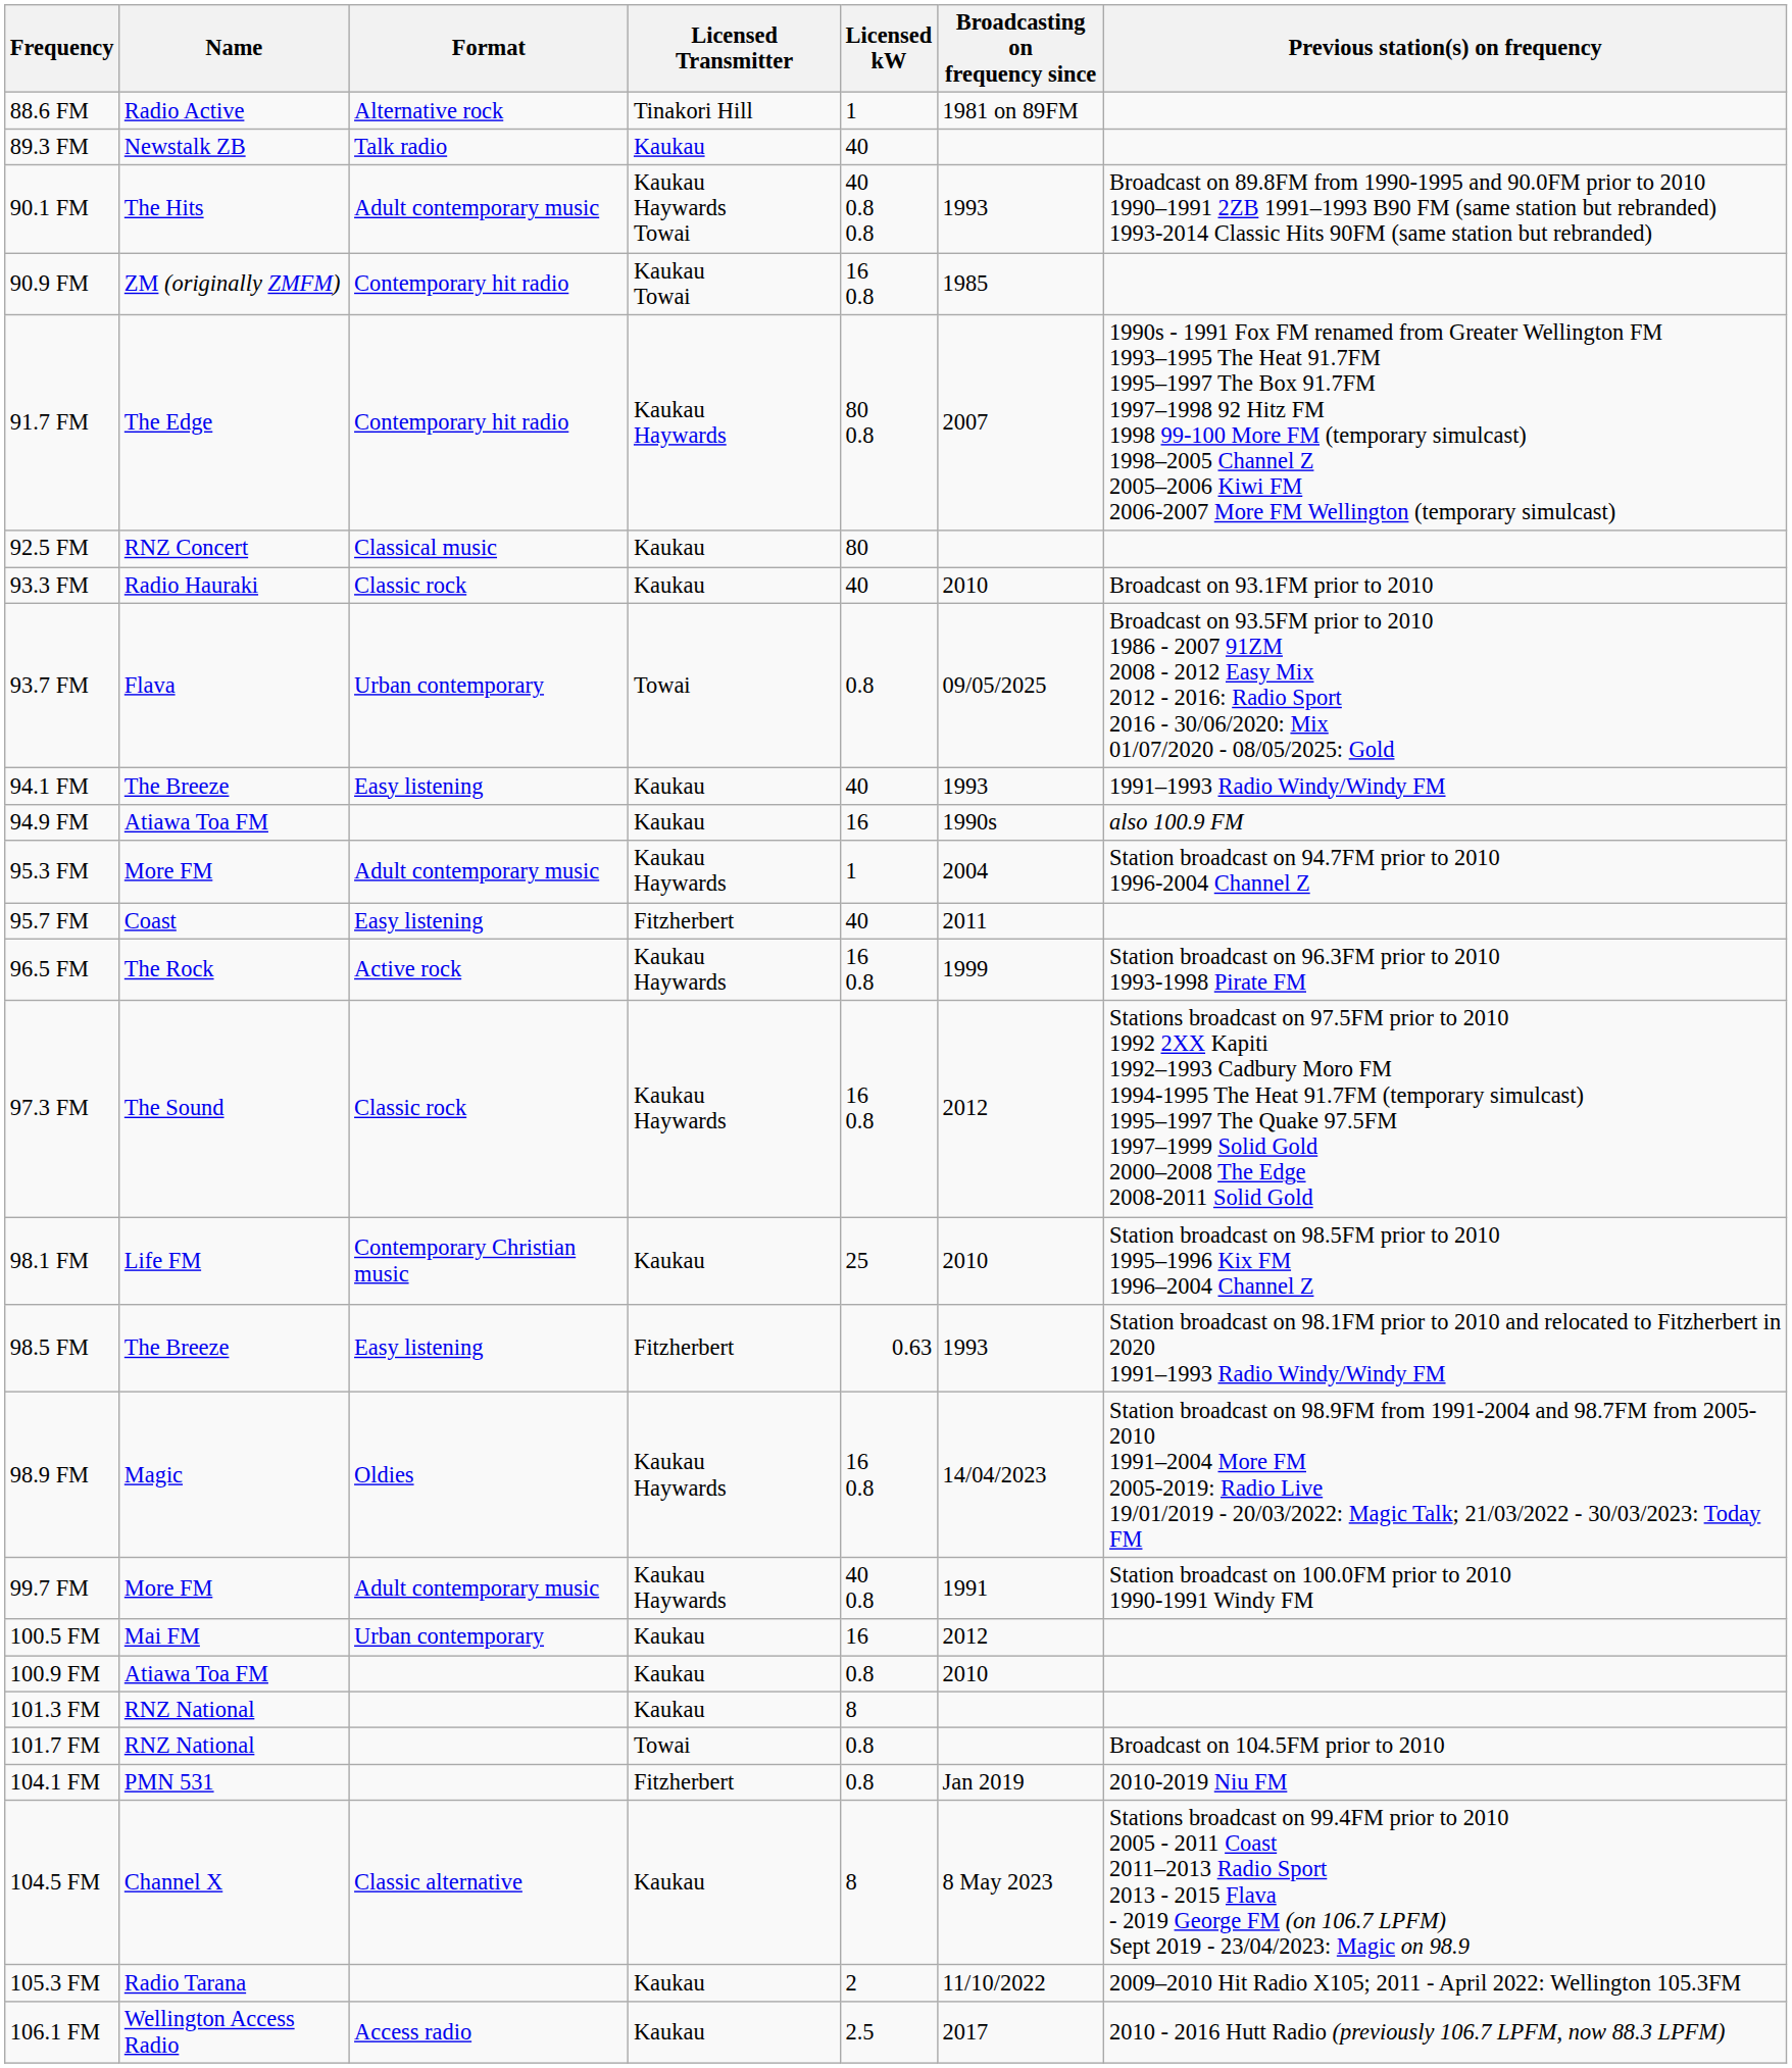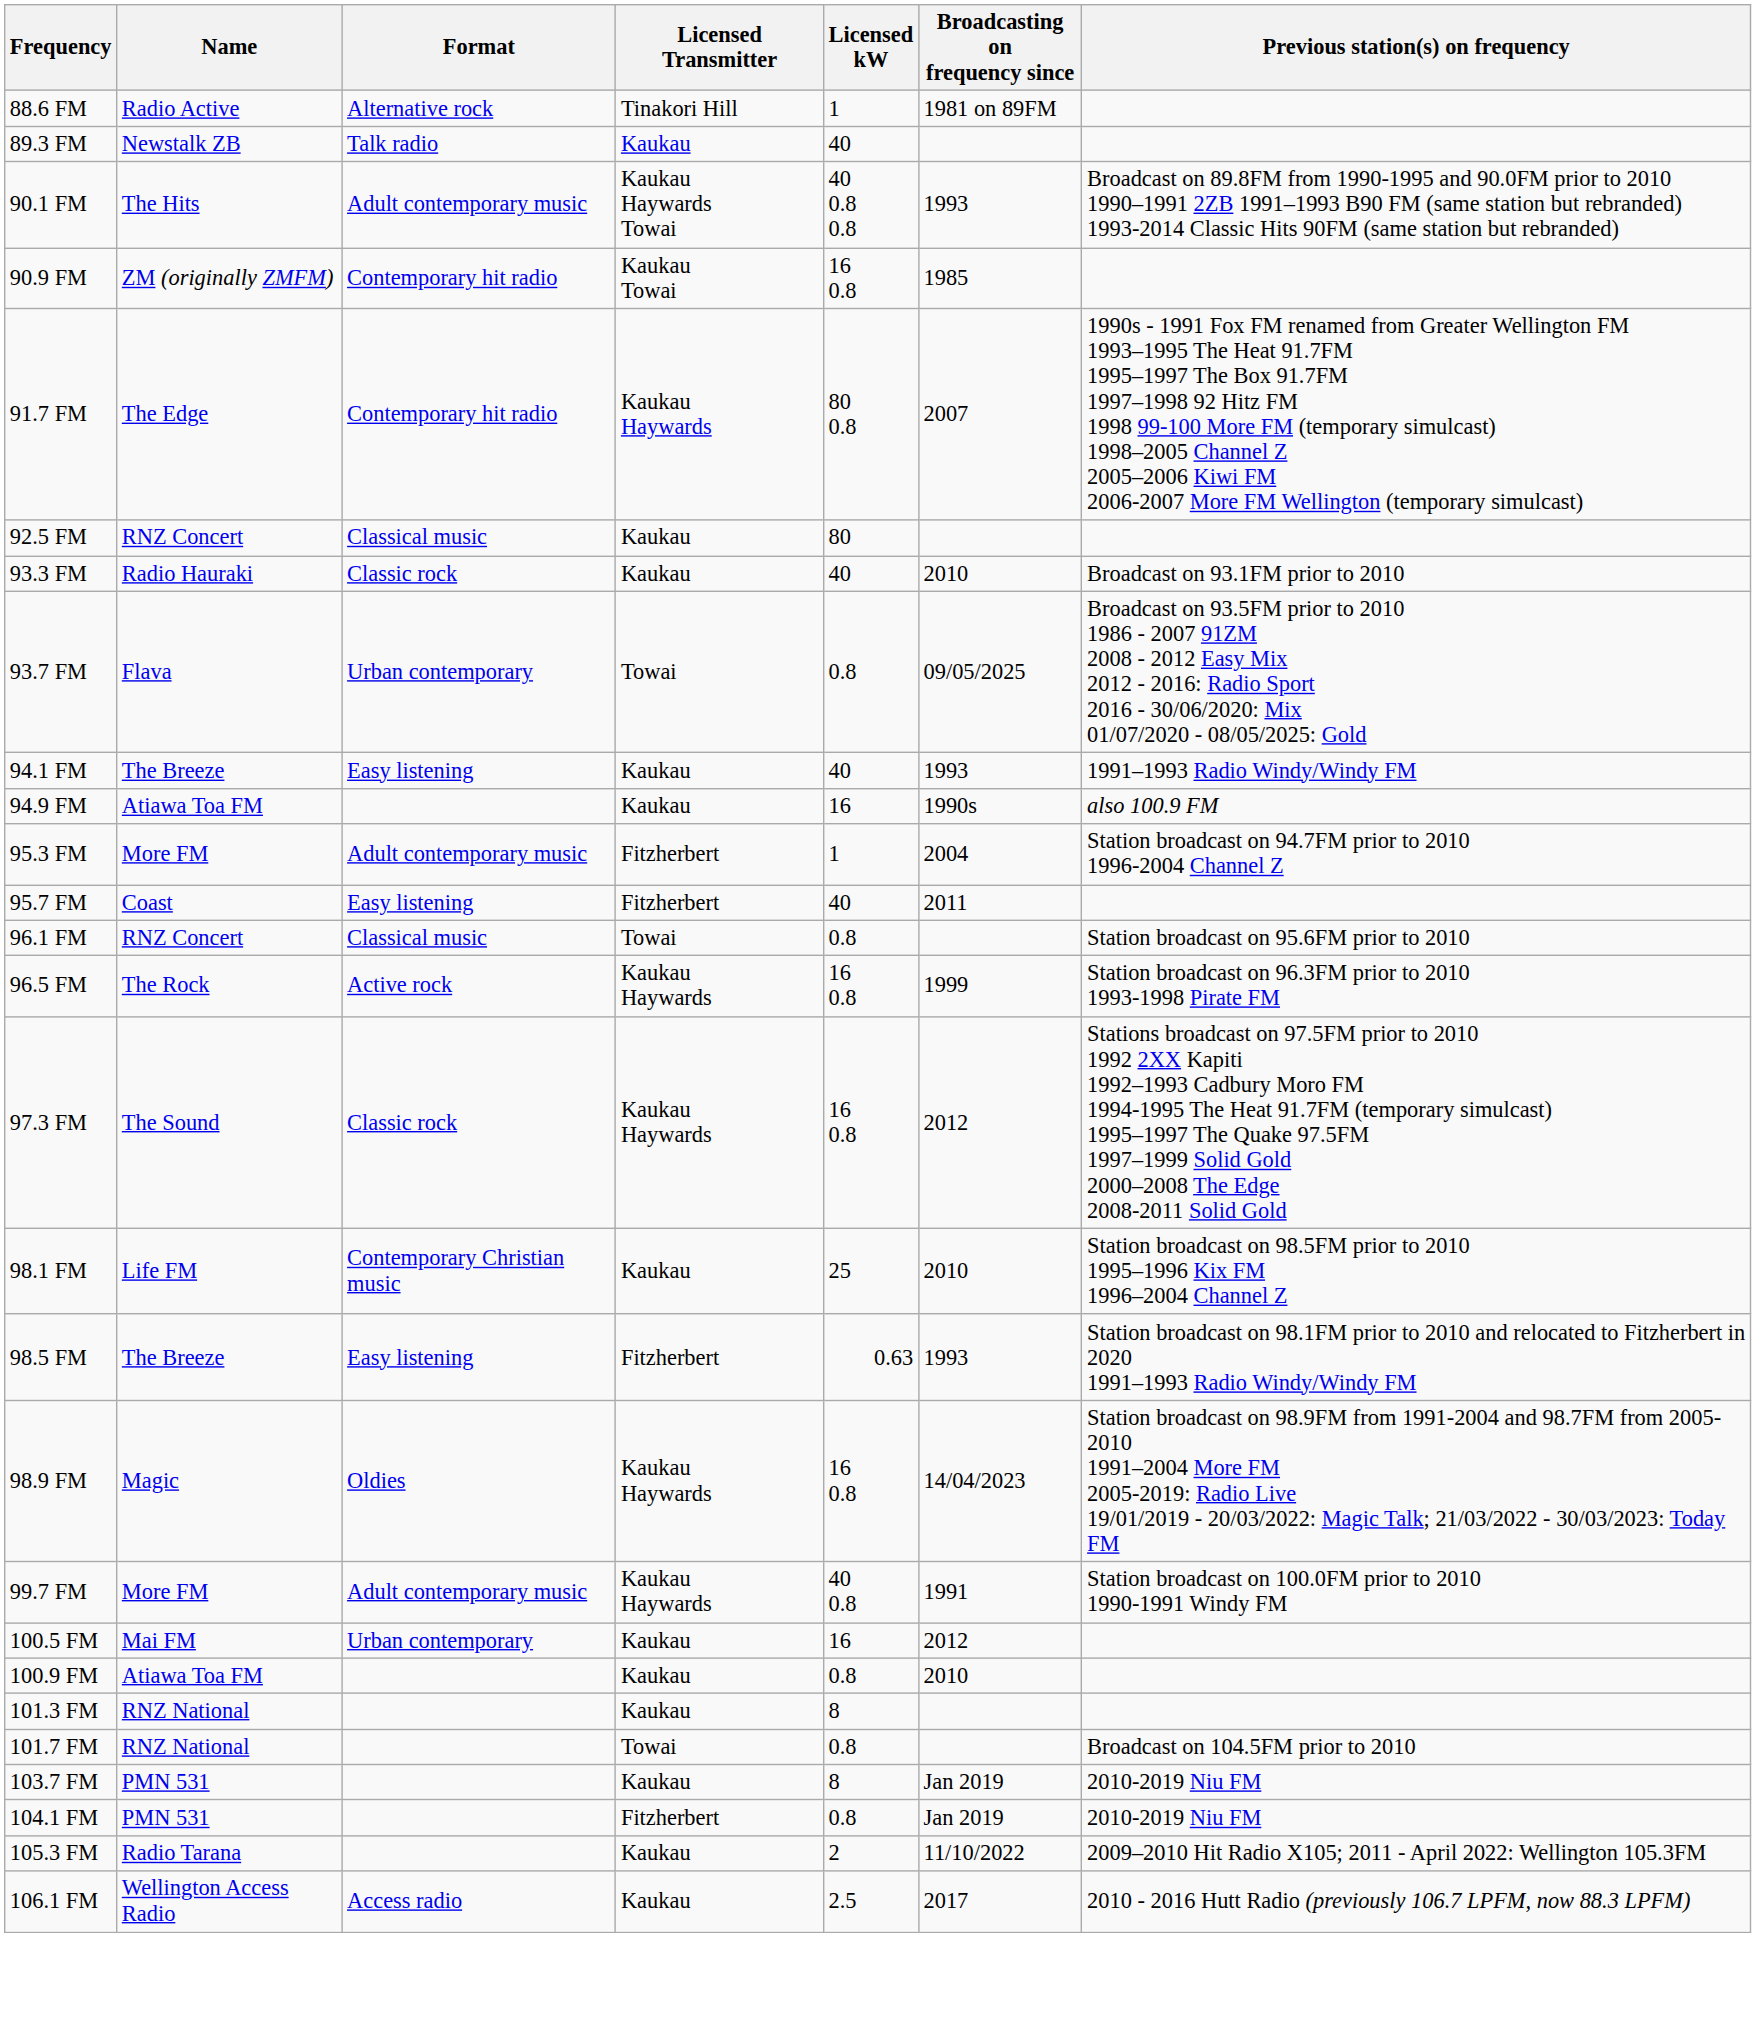 <table class="wikitable sortable defaultleft col5right">
 <tr>
 <th>Frequency</th>
 <th>Name</th>
 <th>Format</th>
 <th>Licensed Transmitter</th>
 <th>Licensed<br>kW</th>
 <th>Broadcasting on<br>frequency since</th>
 <th>Previous station(s) on frequency</th>
 </tr>
 <tr>
 <td>88.6 FM</td>
 <td><a href='#'>Radio Active</a></td>
 <td><a href='#'>Alternative rock</a></td>
 <td>Tinakori Hill</td>
 <td>1</td>
 <td>1981 on 89FM</td>
 <td></td>
 </tr>
 <tr>
 <td>89.3 FM</td>
 <td><a href='#'>Newstalk ZB</a></td>
 <td><a href='#'>Talk radio</a></td>
 <td><a href='#'>Kaukau</a></td>
 <td>40</td>
 <td></td>
 <td></td>
 </tr>
 <tr>
 <td>90.1 FM</td>
 <td><a href='#'>The Hits</a></td>
 <td><a href='#'>Adult contemporary music</a></td>
 <td>Kaukau <br> Haywards <br> Towai</td>
 <td>40 <br> 0.8 <br> 0.8</td>
 <td>1993</td>
 <td>Broadcast on 89.8FM from 1990-1995 and 90.0FM prior to 2010<br>1990–1991 <a href='#'>2ZB</a> 1991–1993 B90 FM  (same station but rebranded)<br> 1993-2014 Classic Hits 90FM (same station but rebranded)</td>
 </tr>
 <tr>
 <td>90.9 FM</td>
 <td><a href='#'>ZM</a> <em>(originally <a href='#'>ZMFM</a>)</em></td>
 <td><a href='#'>Contemporary hit radio</a></td>
 <td>Kaukau<br>Towai</td>
 <td>16 <br> 0.8</td>
 <td>1985</td>
 <td></td>
 </tr>
 <tr>
 <td>91.7 FM</td>
 <td><a href='#'>The Edge</a></td>
 <td><a href='#'>Contemporary hit radio</a></td>
 <td>Kaukau<br><a href='#'>Haywards</a></td>
 <td>80 <br> 0.8</td>
 <td>2007</td>
 <td>1990s - 1991 Fox FM renamed from Greater Wellington FM <br> 1993–1995 The Heat 91.7FM <br> 1995–1997 The Box 91.7FM <br> 1997–1998 92 Hitz FM <br> 1998 <a href='#'>99-100 More FM</a> (temporary simulcast) <br>1998–2005 <a href='#'>Channel Z</a> <br> 2005–2006 <a href='#'>Kiwi FM</a> <br> 2006-2007 <a href='#'>More FM Wellington</a> (temporary simulcast)</td>
 </tr>
 <tr>
 <td>92.5 FM</td>
 <td><a href='#'>RNZ Concert</a></td>
 <td><a href='#'>Classical music</a></td>
 <td>Kaukau</td>
 <td>80</td>
 <td></td>
 <td></td>
 </tr>
 <tr>
 <td>93.3 FM</td>
 <td><a href='#'>Radio Hauraki</a></td>
 <td><a href='#'>Classic rock</a></td>
 <td>Kaukau</td>
 <td>40</td>
 <td>2010</td>
 <td>Broadcast on 93.1FM prior to 2010</td>
 </tr>
 <tr>
 <td>93.7 FM</td>
 <td><a href='#'>Flava</a></td>
 <td><a href='#'>Urban contemporary</a></td>
 <td>Towai</td>
 <td>0.8</td>
 <td>09/05/2025</td>
 <td>Broadcast on 93.5FM prior to 2010 <br> 1986 - 2007 <a href='#'>91ZM</a> <br> 2008 - 2012 <a href='#'>Easy Mix</a> <br> 2012 - 2016: <a href='#'>Radio Sport</a> <br> 2016 - 30/06/2020: <a href='#'>Mix</a> <br> 01/07/2020 - 08/05/2025: <a href='#'>Gold</a></td>
 </tr>
 <tr>
 <td>94.1 FM</td>
 <td><a href='#'>The Breeze</a></td>
 <td><a href='#'>Easy listening</a></td>
 <td>Kaukau</td>
 <td>40</td>
 <td>1993</td>
 <td>1991–1993 <a href='#'>Radio Windy/Windy FM</a></td>
 </tr>
 <tr>
 <td>94.9 FM</td>
 <td><a href='#'>Atiawa Toa FM</a></td>
 <td></td>
 <td>Kaukau</td>
 <td>16</td>
 <td>1990s</td>
 <td><em>also 100.9 FM</em></td>
 </tr>
 <tr>
 <td>95.3 FM</td>
 <td><a href='#'>More FM</a></td>
 <td><a href='#'>Adult contemporary music</a></td>
-<td>Kaukau<br>Haywards</td>
+<td>Fitzherbert</td>
 <td>1</td>
 <td>2004</td>
 <td>Station broadcast on 94.7FM prior to 2010 <br> 1996-2004 <a href='#'>Channel Z</a></td>
 </tr>
 <tr>
 <td>95.7 FM</td>
 <td><a href='#'>Coast</a></td>
 <td><a href='#'>Easy listening</a></td>
 <td>Fitzherbert</td>
 <td>40</td>
 <td>2011</td>
 <td></td>
+</tr>
+<tr>
+<td>96.1 FM</td>
+<td><a href='#'>RNZ Concert</a></td>
+<td><a href='#'>Classical music</a></td>
+<td>Towai</td>
+<td>0.8</td>
+<td></td>
+<td>Station broadcast on 95.6FM prior to 2010</td>
 </tr>
 <tr>
 <td>96.5 FM</td>
 <td><a href='#'>The Rock</a></td>
 <td><a href='#'>Active rock</a></td>
 <td>Kaukau<br>Haywards</td>
 <td>16 <br> 0.8</td>
 <td>1999</td>
 <td>Station broadcast on 96.3FM prior to 2010 <br> 1993-1998 <a href='#'>Pirate FM</a></td>
 </tr>
 <tr>
 <td>97.3 FM</td>
 <td><a href='#'>The Sound</a></td>
 <td><a href='#'>Classic rock</a></td>
 <td>Kaukau<br>Haywards</td>
 <td>16 <br> 0.8</td>
 <td>2012</td>
 <td>Stations broadcast on 97.5FM prior to 2010<br> 1992 <a href='#'>2XX</a> Kapiti <br> 1992–1993 Cadbury Moro FM <br> 1994-1995 The Heat 91.7FM (temporary simulcast) <br>1995–1997 The Quake 97.5FM <br> 1997–1999 <a href='#'>Solid Gold</a> <br> 2000–2008 <a href='#'>The Edge</a> <br> 2008-2011 <a href='#'>Solid Gold</a></td>
 </tr>
 <tr>
 <td>98.1 FM</td>
 <td><a href='#'>Life FM</a></td>
 <td><a href='#'>Contemporary Christian music</a></td>
 <td>Kaukau</td>
 <td>25</td>
 <td>2010</td>
 <td>Station broadcast on 98.5FM prior to 2010 <br> 1995–1996 <a href='#'>Kix FM</a> <br> 1996–2004 <a href='#'>Channel Z</a></td>
 </tr>
 <tr>
 <td>98.5 FM</td>
 <td><a href='#'>The Breeze</a></td>
 <td><a href='#'>Easy listening</a></td>
 <td>Fitzherbert</td>
 <td style="text-align: right;">0.63</td>
 <td>1993</td>
 <td>Station broadcast on 98.1FM prior to 2010 and relocated to Fitzherbert in 2020 <br> 1991–1993 <a href='#'>Radio Windy/Windy FM</a></td>
 </tr>
 <tr>
 <td>98.9 FM</td>
 <td><a href='#'>Magic</a></td>
 <td><a href='#'>Oldies</a></td>
 <td>Kaukau<br>Haywards</td>
 <td>16 <br> 0.8</td>
 <td>14/04/2023</td>
 <td>Station broadcast on 98.9FM from 1991-2004 and 98.7FM from 2005-2010 <br> 1991–2004 <a href='#'>More FM</a> <br> 2005-2019: <a href='#'>Radio Live</a> <br> 19/01/2019 - 20/03/2022: <a href='#'>Magic Talk</a>; 21/03/2022 - 30/03/2023: <a href='#'>Today FM</a></td>
 </tr>
 <tr>
 <td>99.7 FM</td>
 <td><a href='#'>More FM</a></td>
 <td><a href='#'>Adult contemporary music</a></td>
 <td>Kaukau<br>Haywards</td>
 <td>40 <br> 0.8</td>
 <td>1991</td>
 <td>Station broadcast on 100.0FM prior to 2010 <br> 1990-1991 Windy FM</td>
 </tr>
 <tr>
 <td>100.5 FM</td>
 <td><a href='#'>Mai FM</a></td>
 <td><a href='#'>Urban contemporary</a></td>
 <td>Kaukau</td>
 <td>16</td>
 <td>2012</td>
 <td></td>
 </tr>
 <tr>
 <td>100.9 FM</td>
 <td><a href='#'>Atiawa Toa FM</a></td>
 <td></td>
 <td>Kaukau</td>
 <td>0.8</td>
 <td>2010</td>
 <td></td>
 </tr>
 <tr>
 <td>101.3 FM</td>
 <td><a href='#'>RNZ National</a></td>
 <td></td>
 <td>Kaukau</td>
 <td>8</td>
 <td></td>
 <td></td>
 </tr>
 <tr>
 <td>101.7 FM</td>
 <td><a href='#'>RNZ National</a></td>
 <td></td>
 <td>Towai</td>
 <td>0.8</td>
 <td></td>
 <td>Broadcast on 104.5FM prior to 2010</td>
 </tr>
 <tr>
+<td>103.7 FM</td>
+<td><a href='#'>PMN 531</a></td>
+<td></td>
+<td>Kaukau</td>
+<td>8</td>
+<td>Jan 2019</td>
+<td>2010-2019 <a href='#'>Niu FM</a></td>
+</tr>
+<tr>
 <td>104.1 FM</td>
 <td><a href='#'>PMN 531</a></td>
 <td></td>
 <td>Fitzherbert</td>
 <td>0.8</td>
 <td>Jan 2019</td>
 <td>2010-2019 <a href='#'>Niu FM</a></td>
-</tr>
-<tr>
-<td>104.5 FM</td>
-<td><a href='#'>Channel X</a></td>
-<td><a href='#'>Classic alternative</a></td>
-<td>Kaukau</td>
-<td>8</td>
-<td>8 May 2023</td>
-<td>Stations broadcast on 99.4FM prior to 2010 <br> 2005 - 2011 <a href='#'>Coast</a> <br> 2011–2013 <a href='#'>Radio Sport</a> <br> 2013 - 2015 <a href='#'>Flava</a> <br> - 2019 <a href='#'>George FM</a> <em>(on 106.7 LPFM)</em> <br> Sept 2019 - 23/04/2023: <a href='#'>Magic</a> <em>on 98.9</em></td>
 </tr>
 <tr>
 <td>105.3 FM</td>
 <td><a href='#'>Radio Tarana</a></td>
 <td></td>
 <td>Kaukau</td>
 <td>2</td>
 <td>11/10/2022</td>
 <td>2009–2010 Hit Radio X105; 2011 - April 2022: Wellington 105.3FM</td>
 </tr>
 <tr>
 <td>106.1 FM</td>
 <td><a href='#'>Wellington Access Radio</a></td>
 <td><a href='#'>Access radio</a></td>
 <td>Kaukau</td>
 <td>2.5</td>
 <td>2017</td>
 <td>2010 - 2016 Hutt Radio <em>(previously 106.7 LPFM, now 88.3 LPFM)</em></td>
 </tr>
 </table>
